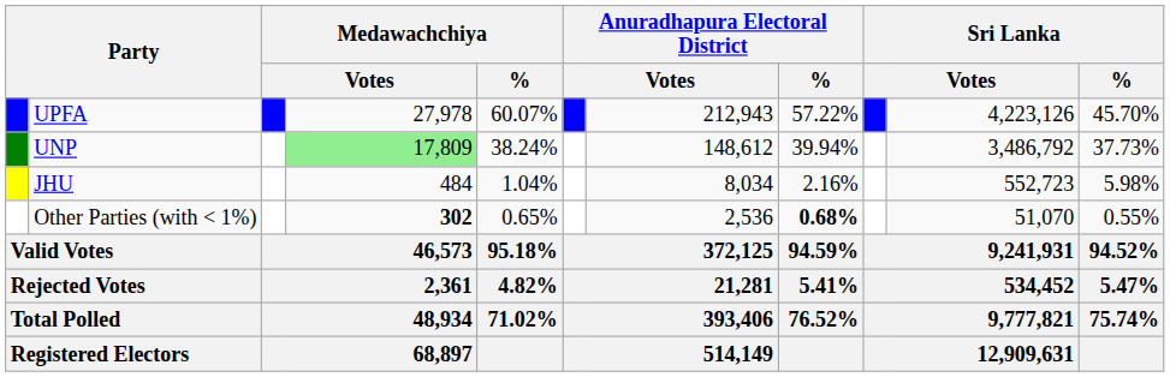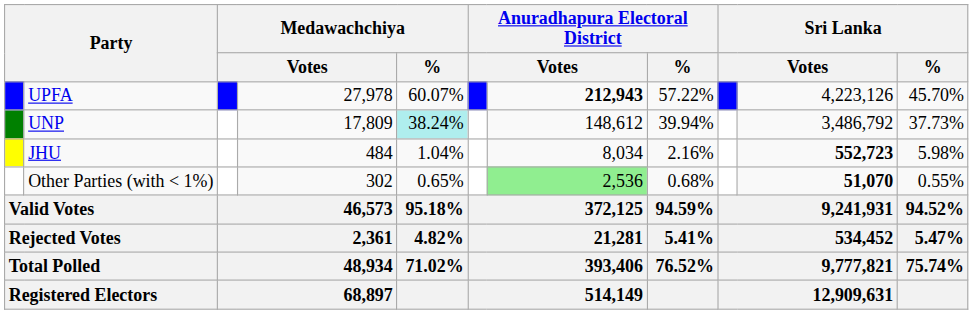 <table class="wikitable">
 <tr>
 <th colspan="2" width="144px"rowspan="2">Party</th>
 <th colspan="3" width="216px">Medawachchiya</th>
 <th colspan="3" width="216px"><a href='#'>Anuradhapura Electoral District</a></th>
 <th colspan="3" width="216px">Sri Lanka</th>
 </tr>
 <tr>
 <th colspan="2" width="144px">Votes</th>
 <th>%</th>
 <th colspan="2" width="144px">Votes</th>
 <th>%</th>
 <th colspan="2" width="144px">Votes</th>
 <th>%</th>
 </tr>
 <tr>
 <td style="background-color:blue;" width="10px"></td>
 <td style="text-align:left;"><a href='#'>UPFA</a></td>
 <td style="background-color:blue;" width="10px"></td>
 <td style="text-align:right;">27,978</td>
 <td style="text-align:right;">60.07%</td>
 <td style="background-color:blue;" width="10px"></td>
-<td style="text-align:right;">212,943</td>
+<td style="text-align:right;"><strong>212,943</strong></td>
 <td style="text-align:right;">57.22%</td>
 <td style="background-color:blue;" width="10px"></td>
 <td style="text-align:right;">4,223,126</td>
 <td style="text-align:right;">45.70%</td>
 </tr>
 <tr>
 <td style="background-color:green;" width="10px"></td>
 <td style="text-align:left;"><a href='#'>UNP</a></td>
 <td style="background-color:white;" width="10px"></td>
-<td style="background: lightgreen; text-align:right;">17,809</td>
-<td style="text-align:right;">38.24%</td>
+<td style="text-align:right;">17,809</td>
+<td style="background: paleturquoise; text-align:right;">38.24%</td>
 <td style="background-color:white;" width="10px"></td>
 <td style="text-align:right;">148,612</td>
 <td style="text-align:right;">39.94%</td>
 <td style="background-color:white;" width="10px"></td>
 <td style="text-align:right;">3,486,792</td>
 <td style="text-align:right;">37.73%</td>
 </tr>
 <tr>
 <td style="background-color:yellow;" width="10px"></td>
 <td style="text-align:left;"><a href='#'>JHU</a></td>
 <td style="background-color:white;" width="10px"></td>
 <td style="text-align:right;">484</td>
 <td style="text-align:right;">1.04%</td>
 <td style="background-color:white;" width="10px"></td>
 <td style="text-align:right;">8,034</td>
 <td style="text-align:right;">2.16%</td>
 <td style="background-color:white;" width="10px"></td>
-<td style="text-align:right;">552,723</td>
+<td style="text-align:right;"><strong>552,723</strong></td>
 <td style="text-align:right;">5.98%</td>
 </tr>
 <tr>
 <td style="background-color:white;" width="10px"></td>
 <td style="text-align:left;">Other Parties (with < 1%)</td>
 <td style="background-color:white;" width="10px"></td>
-<td style="text-align:right;"><strong>302</strong></td>
+<td style="text-align:right;">302</td>
 <td style="text-align:right;">0.65%</td>
 <td style="background-color:white;" width="10px"></td>
-<td style="text-align:right;">2,536</td>
-<td style="text-align:right;"><strong>0.68%</strong></td>
+<td style="background: lightgreen; text-align:right;">2,536</td>
+<td style="text-align:right;">0.68%</td>
 <td style="background-color:white;" width="10px"></td>
-<td style="text-align:right;">51,070</td>
+<td style="text-align:right;"><strong>51,070</strong></td>
 <td style="text-align:right;">0.55%</td>
 </tr>
 <tr>
 <th colspan="2" width="144px"style="text-align:left;">Valid Votes</th>
 <th style="text-align:right;"colspan="2" width="144px">46,573</th>
 <th style="text-align:right;">95.18%</th>
 <th style="text-align:right;"colspan="2" width="144px">372,125</th>
 <th style="text-align:right;">94.59%</th>
 <th style="text-align:right;"colspan="2" width="144px">9,241,931</th>
 <th style="text-align:right;">94.52%</th>
 </tr>
 <tr>
 <th colspan="2" width="144px"style="text-align:left;">Rejected Votes</th>
 <th style="text-align:right;"colspan="2" width="144px">2,361</th>
 <th style="text-align:right;">4.82%</th>
 <th style="text-align:right;"colspan="2" width="144px">21,281</th>
 <th style="text-align:right;">5.41%</th>
 <th style="text-align:right;"colspan="2" width="144px">534,452</th>
 <th style="text-align:right;">5.47%</th>
 </tr>
 <tr>
 <th colspan="2" width="144px"style="text-align:left;">Total Polled</th>
 <th style="text-align:right;"colspan="2" width="144px">48,934</th>
 <th style="text-align:right;">71.02%</th>
 <th style="text-align:right;"colspan="2" width="144px">393,406</th>
 <th style="text-align:right;">76.52%</th>
 <th style="text-align:right;"colspan="2" width="144px">9,777,821</th>
 <th style="text-align:right;">75.74%</th>
 </tr>
 <tr>
 <th colspan="2" width="144px"style="text-align:left;">Registered Electors</th>
 <th style="text-align:right;"colspan="2" width="144px">68,897</th>
 <th></th>
 <th style="text-align:right;"colspan="2" width="144px">514,149</th>
 <th></th>
 <th style="text-align:right;"colspan="2" width="144px">12,909,631</th>
 <th></th>
 </tr>
 </table>
